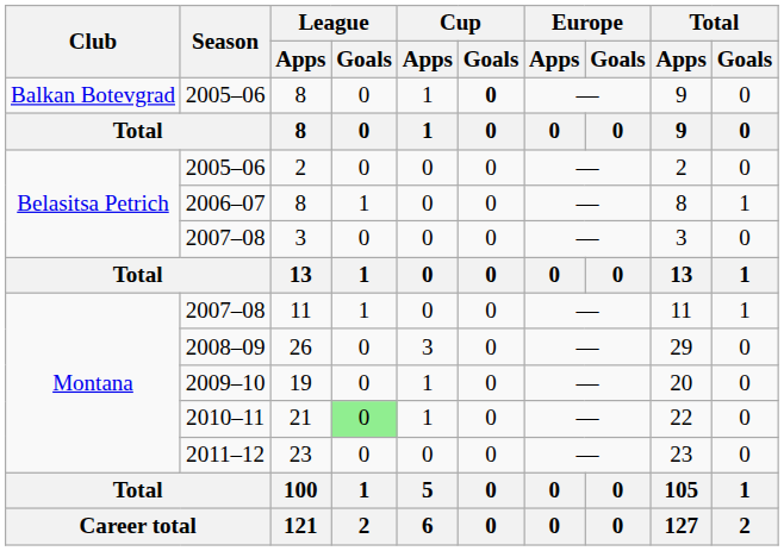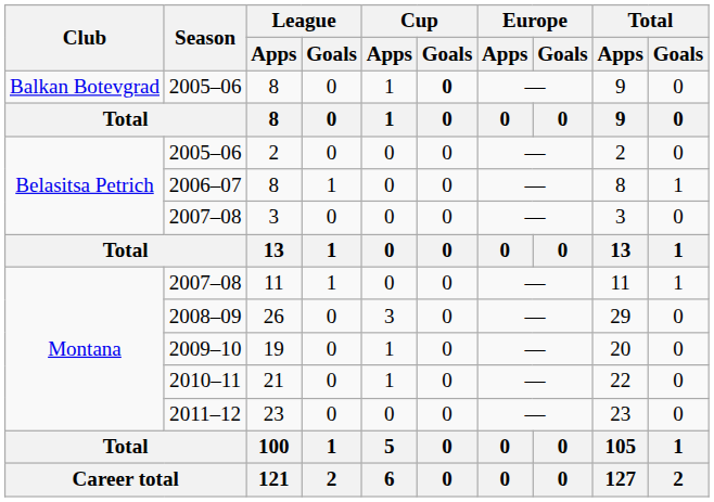 <table class="wikitable" style="text-align:center;">
 <tr>
 <th rowspan="2">Club</th>
 <th rowspan="2">Season</th>
 <th colspan="2">League</th>
 <th colspan="2">Cup</th>
 <th colspan="2">Europe</th>
 <th colspan="2">Total</th>
 </tr>
 <tr>
 <th>Apps</th>
 <th>Goals</th>
 <th>Apps</th>
 <th>Goals</th>
 <th>Apps</th>
 <th>Goals</th>
 <th>Apps</th>
 <th>Goals</th>
 </tr>
 <tr>
 <td rowspan="1"><a href='#'>Balkan Botevgrad</a></td>
 <td>2005–06</td>
 <td>8</td>
 <td>0</td>
 <td>1</td>
 <td><strong>0</strong></td>
 <td colspan="2">—</td>
 <td>9</td>
 <td>0</td>
 </tr>
 <tr>
 <th colspan="2">Total</th>
 <th>8</th>
 <th>0</th>
 <th>1</th>
 <th>0</th>
 <th>0</th>
 <th>0</th>
 <th>9</th>
 <th>0</th>
 </tr>
 <tr>
 <td rowspan="3"><a href='#'>Belasitsa Petrich</a></td>
 <td>2005–06</td>
 <td>2</td>
 <td>0</td>
 <td>0</td>
 <td>0</td>
 <td colspan="2">—</td>
 <td>2</td>
 <td>0</td>
 </tr>
 <tr>
 <td>2006–07</td>
 <td>8</td>
 <td>1</td>
 <td>0</td>
 <td>0</td>
 <td colspan="2">—</td>
 <td>8</td>
 <td>1</td>
 </tr>
 <tr>
 <td>2007–08</td>
 <td>3</td>
 <td>0</td>
 <td>0</td>
 <td>0</td>
 <td colspan="2">—</td>
 <td>3</td>
 <td>0</td>
 </tr>
 <tr>
 <th colspan="2">Total</th>
 <th>13</th>
 <th>1</th>
 <th>0</th>
 <th>0</th>
 <th>0</th>
 <th>0</th>
 <th>13</th>
 <th>1</th>
 </tr>
 <tr>
 <td rowspan="5"><a href='#'>Montana</a></td>
 <td>2007–08</td>
 <td>11</td>
 <td>1</td>
 <td>0</td>
 <td>0</td>
 <td colspan="2">—</td>
 <td>11</td>
 <td>1</td>
 </tr>
 <tr>
 <td>2008–09</td>
 <td>26</td>
 <td>0</td>
 <td>3</td>
 <td>0</td>
 <td colspan="2">—</td>
 <td>29</td>
 <td>0</td>
 </tr>
 <tr>
 <td>2009–10</td>
 <td>19</td>
 <td>0</td>
 <td>1</td>
 <td>0</td>
 <td colspan="2">—</td>
 <td>20</td>
 <td>0</td>
 </tr>
 <tr>
 <td>2010–11</td>
 <td>21</td>
-<td style="background: lightgreen;">0</td>
+<td>0</td>
 <td>1</td>
 <td>0</td>
 <td colspan="2">—</td>
 <td>22</td>
 <td>0</td>
 </tr>
 <tr>
 <td>2011–12</td>
 <td>23</td>
 <td>0</td>
 <td>0</td>
 <td>0</td>
 <td colspan="2">—</td>
 <td>23</td>
 <td>0</td>
 </tr>
 <tr>
 <th colspan="2">Total</th>
 <th>100</th>
 <th>1</th>
 <th>5</th>
 <th>0</th>
 <th>0</th>
 <th>0</th>
 <th>105</th>
 <th>1</th>
 </tr>
 <tr>
 <th colspan="2">Career total</th>
 <th>121</th>
 <th>2</th>
 <th>6</th>
 <th>0</th>
 <th>0</th>
 <th>0</th>
 <th>127</th>
 <th>2</th>
 </tr>
 </table>
